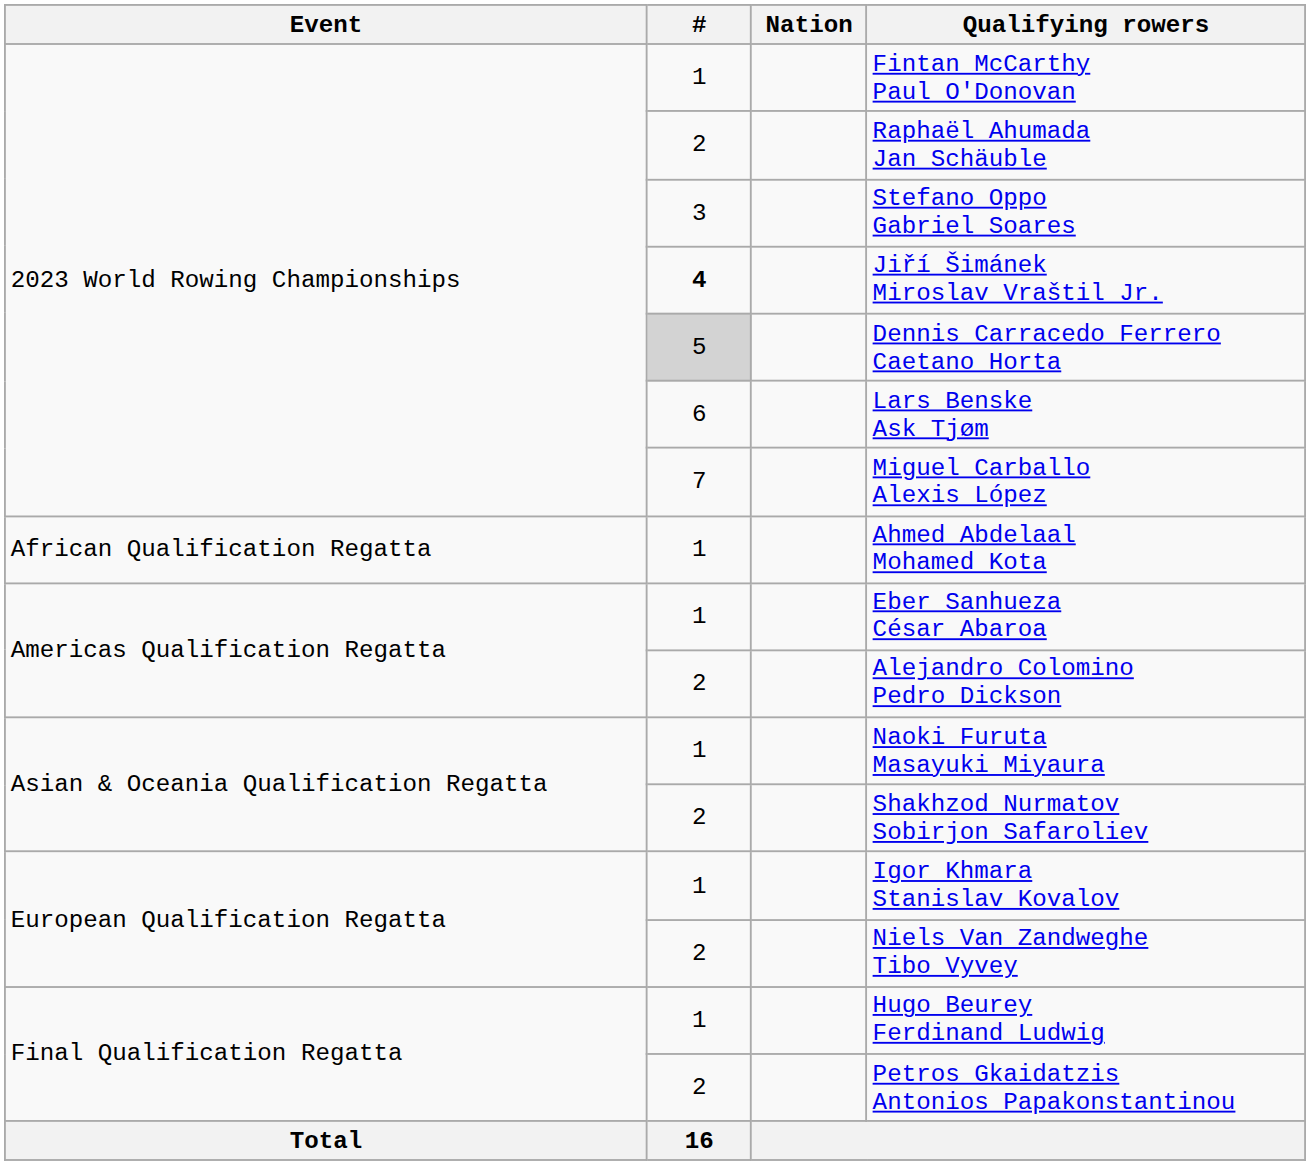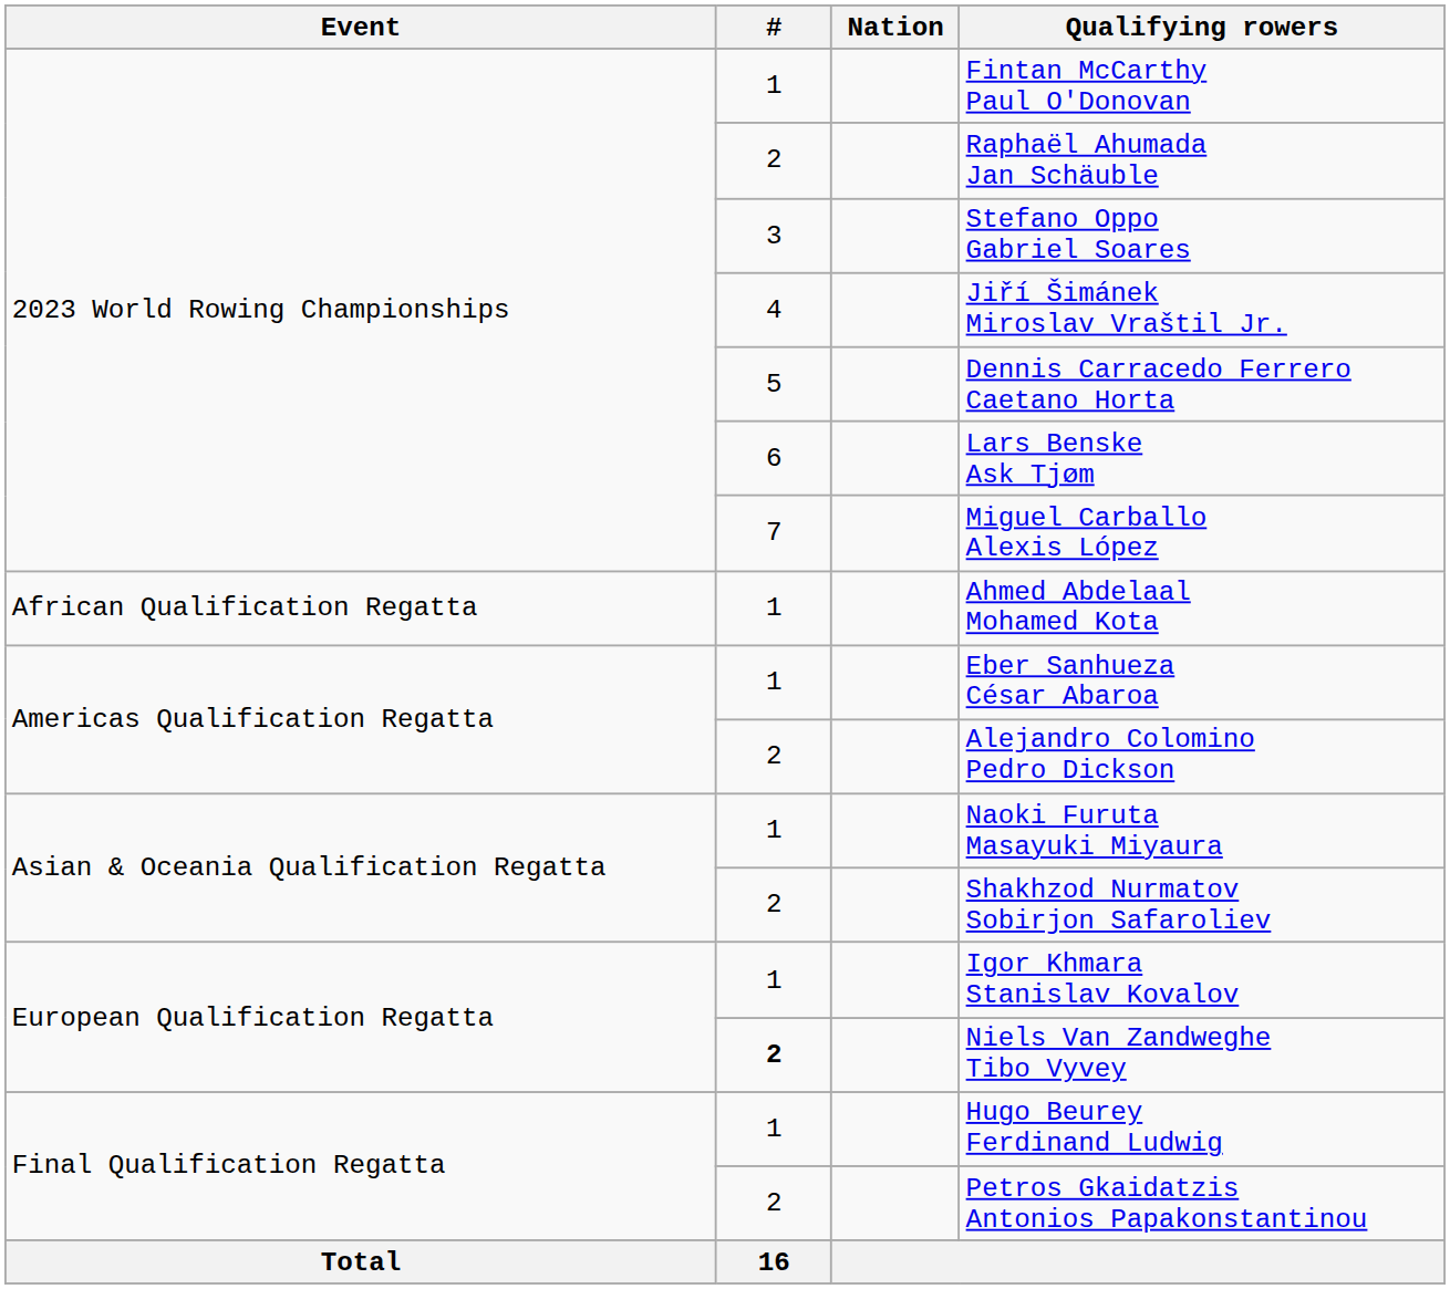 <table class="wikitable"  style="width:700px; text-align:center;">
 <tr>
 <th>Event</th>
 <th width=50>#</th>
 <th>Nation</th>
 <th>Qualifying rowers</th>
 </tr>
 <tr>
 <td rowspan=7 align=left>2023 World Rowing Championships</td>
 <td>1</td>
 <td align=left></td>
 <td align=left><a href='#'>Fintan McCarthy</a><br><a href='#'>Paul O'Donovan</a></td>
 </tr>
 <tr>
 <td>2</td>
 <td align=left></td>
 <td align=left><a href='#'>Raphaël Ahumada</a><br><a href='#'>Jan Schäuble</a></td>
 </tr>
 <tr>
 <td>3</td>
 <td align=left></td>
 <td align=left><a href='#'>Stefano Oppo</a><br><a href='#'>Gabriel Soares</a></td>
 </tr>
 <tr>
-<td><strong>4</strong></td>
+<td>4</td>
 <td align=left></td>
 <td align=left><a href='#'>Jiří Šimánek</a><br><a href='#'>Miroslav Vraštil Jr.</a></td>
 </tr>
 <tr>
-<td style="background: lightgrey;">5</td>
+<td>5</td>
 <td align=left></td>
 <td align=left><a href='#'>Dennis Carracedo Ferrero</a><br><a href='#'>Caetano Horta</a></td>
 </tr>
 <tr>
 <td>6</td>
 <td align=left></td>
 <td align=left><a href='#'>Lars Benske</a><br><a href='#'>Ask Tjøm</a></td>
 </tr>
 <tr>
 <td>7</td>
 <td align=left></td>
 <td align=left><a href='#'>Miguel Carballo</a><br><a href='#'>Alexis López</a></td>
 </tr>
 <tr>
 <td align=left>African Qualification Regatta</td>
 <td>1</td>
 <td align=left></td>
 <td align=left><a href='#'>Ahmed Abdelaal</a><br><a href='#'>Mohamed Kota</a></td>
 </tr>
 <tr>
 <td rowspan=2 align=left>Americas Qualification Regatta</td>
 <td>1</td>
 <td align=left></td>
 <td align=left><a href='#'>Eber Sanhueza</a><br><a href='#'>César Abaroa</a></td>
 </tr>
 <tr>
 <td>2</td>
 <td align=left></td>
 <td align=left><a href='#'>Alejandro Colomino</a><br><a href='#'>Pedro Dickson</a></td>
 </tr>
 <tr>
 <td rowspan=2 align=left>Asian & Oceania Qualification Regatta</td>
 <td>1</td>
 <td align=left></td>
 <td align=left><a href='#'>Naoki Furuta</a><br><a href='#'>Masayuki Miyaura</a></td>
 </tr>
 <tr>
 <td>2</td>
 <td align=left></td>
 <td align=left><a href='#'>Shakhzod Nurmatov</a><br><a href='#'>Sobirjon Safaroliev</a></td>
 </tr>
 <tr>
 <td rowspan=2 align=left>European Qualification Regatta</td>
 <td>1</td>
 <td align=left></td>
 <td align=left><a href='#'>Igor Khmara</a><br><a href='#'>Stanislav Kovalov</a></td>
 </tr>
 <tr>
-<td>2</td>
+<td><strong>2</strong></td>
 <td align=left></td>
 <td align=left><a href='#'>Niels Van Zandweghe</a><br><a href='#'>Tibo Vyvey</a></td>
 </tr>
 <tr>
 <td rowspan=2 align=left>Final Qualification Regatta</td>
 <td>1</td>
 <td align=left></td>
 <td align=left><a href='#'>Hugo Beurey</a><br><a href='#'>Ferdinand Ludwig</a></td>
 </tr>
 <tr>
 <td>2</td>
 <td align=left></td>
 <td align=left><a href='#'>Petros Gkaidatzis</a><br><a href='#'>Antonios Papakonstantinou</a></td>
 </tr>
 <tr>
 <th>Total</th>
 <th>16</th>
 <th colspan=2></th>
 </tr>
 </table>
